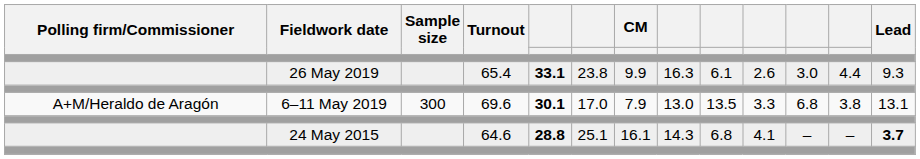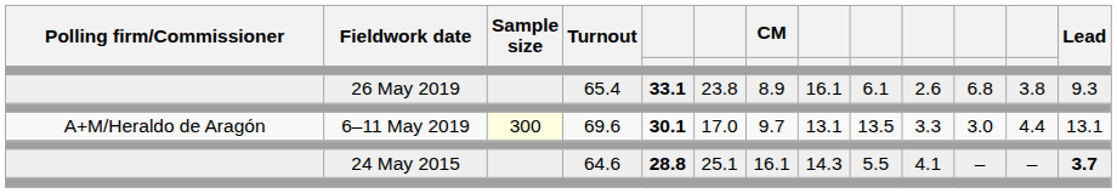 <table class="wikitable collapsible collapsed" style="text-align:center; font-size:95%; line-height:16px;">
 <tr style="height:42px;">
 <th style="width:250px;" rowspan="2">Polling firm/Commissioner</th>
 <th style="width:125px;" rowspan="2">Fieldwork date</th>
 <th style="width:50px;" rowspan="2">Sample size</th>
 <th style="width:45px;" rowspan="2">Turnout</th>
 <th style="width:35px;"></th>
 <th style="width:35px;"></th>
 <th style="width:35px;">CM</th>
 <th style="width:35px;"></th>
 <th style="width:35px;"></th>
 <th style="width:35px;"></th>
 <th style="width:35px;"></th>
 <th style="width:35px;"></th>
 <th style="width:30px;" rowspan="2">Lead</th>
 </tr>
 <tr>
 <th style="color:inherit;background:"></th>
 <th style="color:inherit;background:"></th>
 <th style="color:inherit;background:"></th>
 <th style="color:inherit;background:"></th>
 <th style="color:inherit;background:"></th>
 <th style="color:inherit;background:"></th>
 <th style="color:inherit;background:"></th>
 <th style="color:inherit;background:"></th>
 </tr>
 <tr>
 <td colspan="13" style="background:#A0A0A0"></td>
 </tr>
 <tr style="background:#EFEFEF;">
 <td><strong></strong></td>
 <td>26 May 2019</td>
 <td></td>
 <td>65.4</td>
 <td><strong>33.1</strong><br></td>
 <td>23.8<br></td>
-<td>9.9<br></td>
-<td>16.3<br></td>
+<td>8.9<br></td>
+<td>16.1<br></td>
 <td>6.1<br></td>
 <td>2.6<br></td>
-<td>3.0<br></td>
-<td>4.4<br></td>
+<td>6.8<br></td>
+<td>3.8<br></td>
 <td style="background:">9.3</td>
 </tr>
 <tr>
 <td colspan="13" style="background:#A0A0A0"></td>
 </tr>
 <tr>
 <td>A+M/Heraldo de Aragón</td>
 <td>6–11 May 2019</td>
-<td>300</td>
+<td style="background: lightyellow;">300</td>
 <td>69.6</td>
 <td><strong>30.1</strong><br></td>
 <td>17.0<br></td>
-<td>7.9<br></td>
-<td>13.0<br></td>
+<td>9.7<br></td>
+<td>13.1<br></td>
 <td>13.5<br></td>
 <td>3.3<br></td>
-<td>6.8<br></td>
-<td>3.8<br></td>
+<td>3.0<br></td>
+<td>4.4<br></td>
 <td style="background:">13.1</td>
 </tr>
 <tr>
 <td colspan="13" style="background:#A0A0A0"></td>
 </tr>
 <tr style="background:#EFEFEF;">
 <td><strong></strong></td>
 <td>24 May 2015</td>
 <td></td>
 <td>64.6</td>
 <td><strong>28.8</strong><br></td>
 <td>25.1<br></td>
 <td>16.1<br></td>
 <td>14.3<br></td>
-<td>6.8<br></td>
+<td>5.5<br></td>
 <td>4.1<br></td>
 <td>–</td>
 <td>–</td>
 <td style="background:"><strong>3.7</strong></td>
 </tr>
 <tr>
 <td colspan="13" style="background:#A0A0A0"></td>
 </tr>
 </table>
